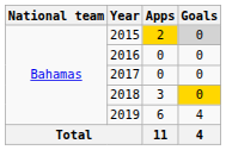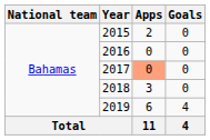 <table class="wikitable" style="text-align:center">
 <tr>
 <th>National team</th>
 <th>Year</th>
 <th>Apps</th>
 <th>Goals</th>
 </tr>
 <tr>
 <td rowspan="5"><a href='#'>Bahamas</a></td>
 <td>2015</td>
-<td style="background: gold;">2</td>
-<td style="background: lightgrey;">0</td>
+<td>2</td>
+<td>0</td>
 </tr>
 <tr>
 <td>2016</td>
 <td>0</td>
 <td>0</td>
 </tr>
 <tr>
 <td>2017</td>
-<td>0</td>
+<td style="background: lightsalmon;">0</td>
 <td>0</td>
 </tr>
 <tr>
 <td>2018</td>
 <td>3</td>
-<td style="background: gold;">0</td>
+<td>0</td>
 </tr>
 <tr>
 <td>2019</td>
 <td>6</td>
 <td>4</td>
 </tr>
 <tr>
 <th colspan=2>Total</th>
 <th>11</th>
 <th>4</th>
 </tr>
 </table>
